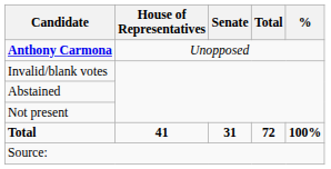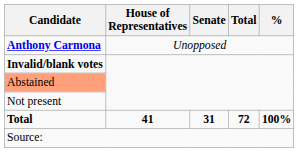 <table class="wikitable">
 <tr>
 <th>Candidate</th>
 <th>House of <br>Representatives</th>
 <th>Senate</th>
 <th>Total</th>
 <th>%</th>
 </tr>
 <tr>
 <td><strong><a href='#'>Anthony Carmona</a></strong></td>
 <td colspan=4 align=center><em>Unopposed</em></td>
 </tr>
 <tr>
-<td>Invalid/blank votes</td>
+<td><strong>Invalid/blank votes</strong></td>
 <td colspan=4 rowspan=3></td>
 </tr>
 <tr>
-<td>Abstained</td>
+<td style="background: lightsalmon;">Abstained</td>
 </tr>
 <tr>
 <td>Not present</td>
 </tr>
 <tr>
 <td><strong>Total</strong></td>
 <td align=center><strong>41</strong></td>
 <td align=center><strong>31</strong></td>
 <td align=center><strong>72</strong></td>
 <td align=center><strong>100%</strong></td>
 </tr>
 <tr>
 <td colspan=5>Source:</td>
 </tr>
 </table>
